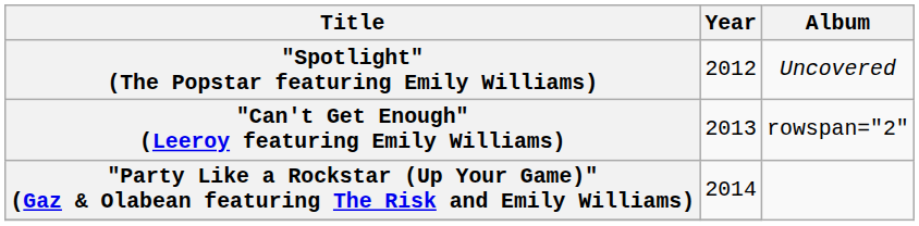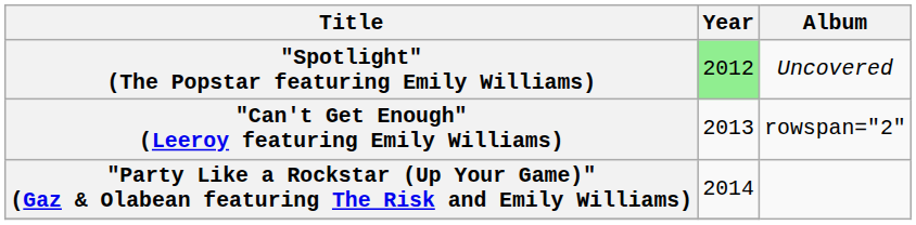 <table class="wikitable plainrowheaders" style="text-align:center;">
 <tr>
 <th scope="col">Title</th>
 <th scope="col">Year</th>
 <th scope="col">Album</th>
 </tr>
 <tr>
 <th scope="row">"Spotlight"<br><span>(The Popstar featuring Emily Williams)</span></th>
-<td>2012</td>
+<td style="background: lightgreen;">2012</td>
 <td><em>Uncovered</em></td>
 </tr>
 <tr>
 <th scope="row">"Can't Get Enough"<br><span>(<a href='#'>Leeroy</a> featuring Emily Williams)</span></th>
 <td>2013</td>
 <td>rowspan="2" </td>
 </tr>
 <tr>
 <th scope="row">"Party Like a Rockstar (Up Your Game)"<br><span>(<a href='#'>Gaz</a> & Olabean featuring <a href='#'>The Risk</a> and Emily Williams)</span></th>
 <td>2014</td>
 </tr>
 <tr>
 </tr>
 </table>
